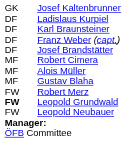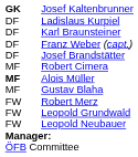 <table style="font-size:90%; margin:0.2em auto;" cellspacing="0" cellpadding="0">
 <tr>
 <th width="25"></th>
 <th width="25"></th>
 </tr>
 <tr>
-<td>GK</td>
+<td><strong>GK</strong></td>
 <td><strong> </strong></td>
 <td><a href='#'>Josef Kaltenbrunner</a></td>
 </tr>
 <tr>
 <td>DF</td>
 <td><strong> </strong></td>
 <td><a href='#'>Ladislaus Kurpiel</a></td>
 </tr>
 <tr>
 <td>DF</td>
 <td><strong> </strong></td>
 <td><a href='#'>Karl Braunsteiner</a></td>
 </tr>
 <tr>
 <td>DF</td>
 <td><strong> </strong></td>
 <td><a href='#'>Franz Weber</a> <em>(<a href='#'>capt.</a>)</em></td>
 </tr>
 <tr>
 <td>DF</td>
 <td><strong> </strong></td>
 <td><a href='#'>Josef Brandstätter</a></td>
 </tr>
 <tr>
 <td>MF</td>
 <td><strong> </strong></td>
 <td><a href='#'>Robert Cimera</a></td>
 </tr>
 <tr>
-<td>MF</td>
+<td><strong>MF</strong></td>
 <td><strong> </strong></td>
 <td><a href='#'>Alois Müller</a></td>
 </tr>
 <tr>
 <td>MF</td>
 <td><strong> </strong></td>
 <td><a href='#'>Gustav Blaha</a></td>
 </tr>
 <tr>
 <td>FW</td>
 <td><strong> </strong></td>
 <td><a href='#'>Robert Merz</a></td>
 </tr>
 <tr>
-<td><strong>FW</strong></td>
+<td>FW</td>
 <td><strong> </strong></td>
 <td><a href='#'>Leopold Grundwald</a></td>
 </tr>
 <tr>
 <td>FW</td>
 <td><strong> </strong></td>
 <td><a href='#'>Leopold Neubauer</a></td>
 </tr>
 <tr>
 <td colspan=3><strong>Manager:</strong></td>
 </tr>
 <tr>
 <td colspan=4> <a href='#'>ÖFB</a> Committee</td>
 </tr>
 </table>
